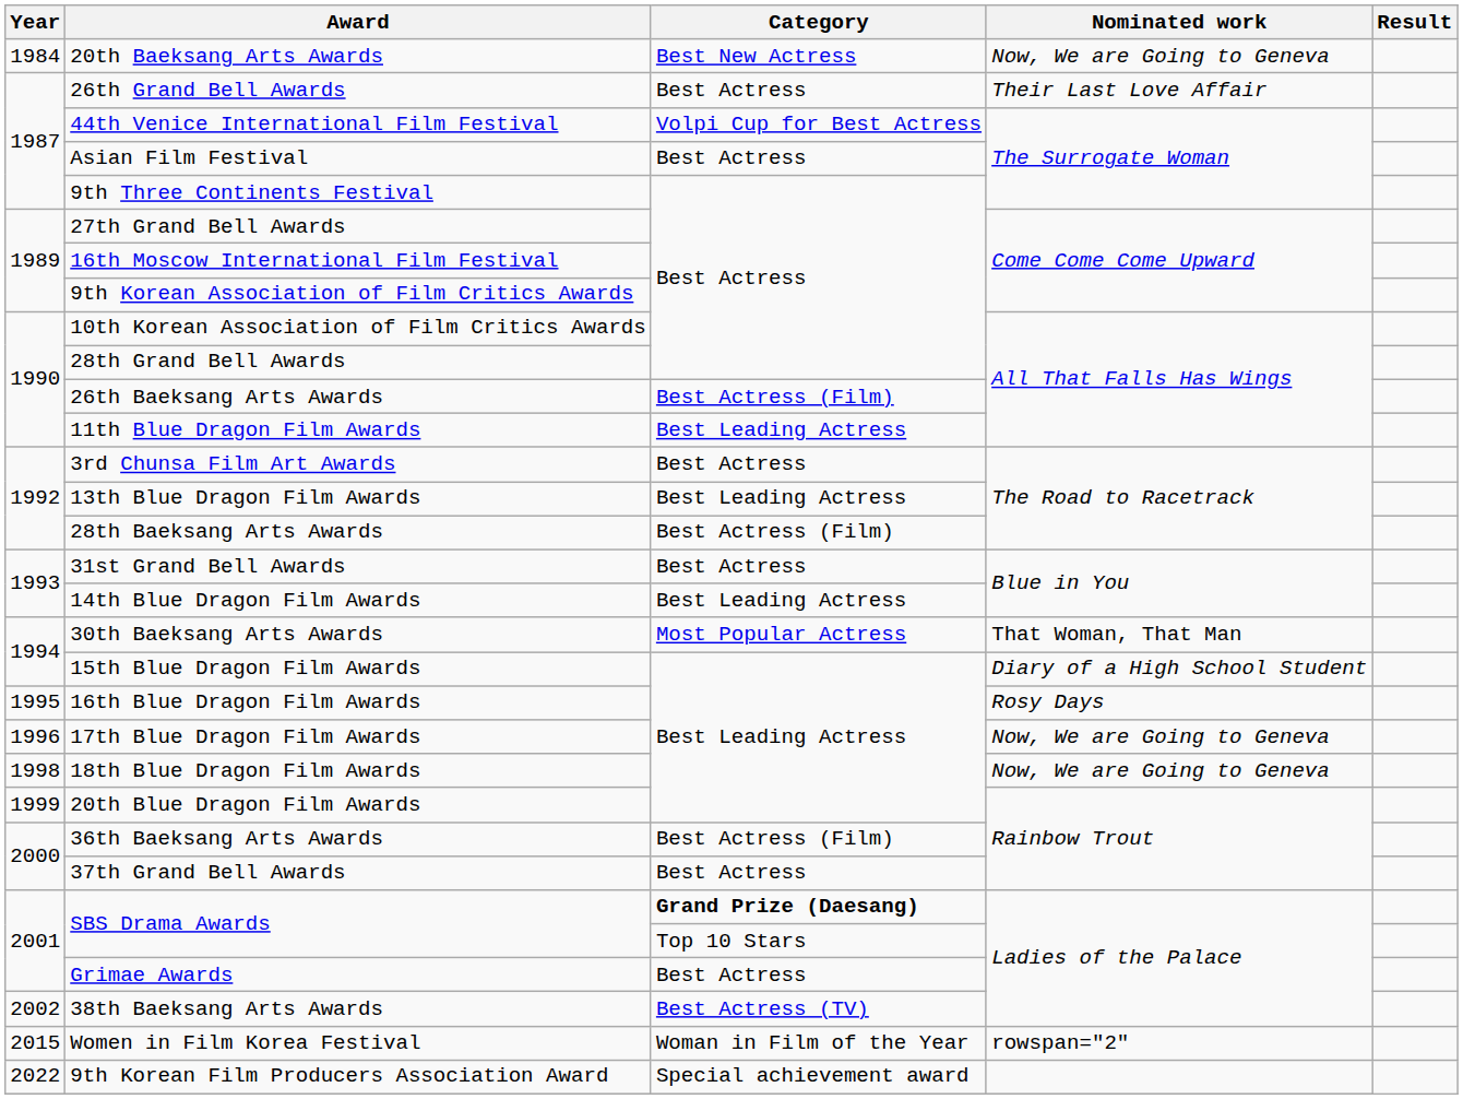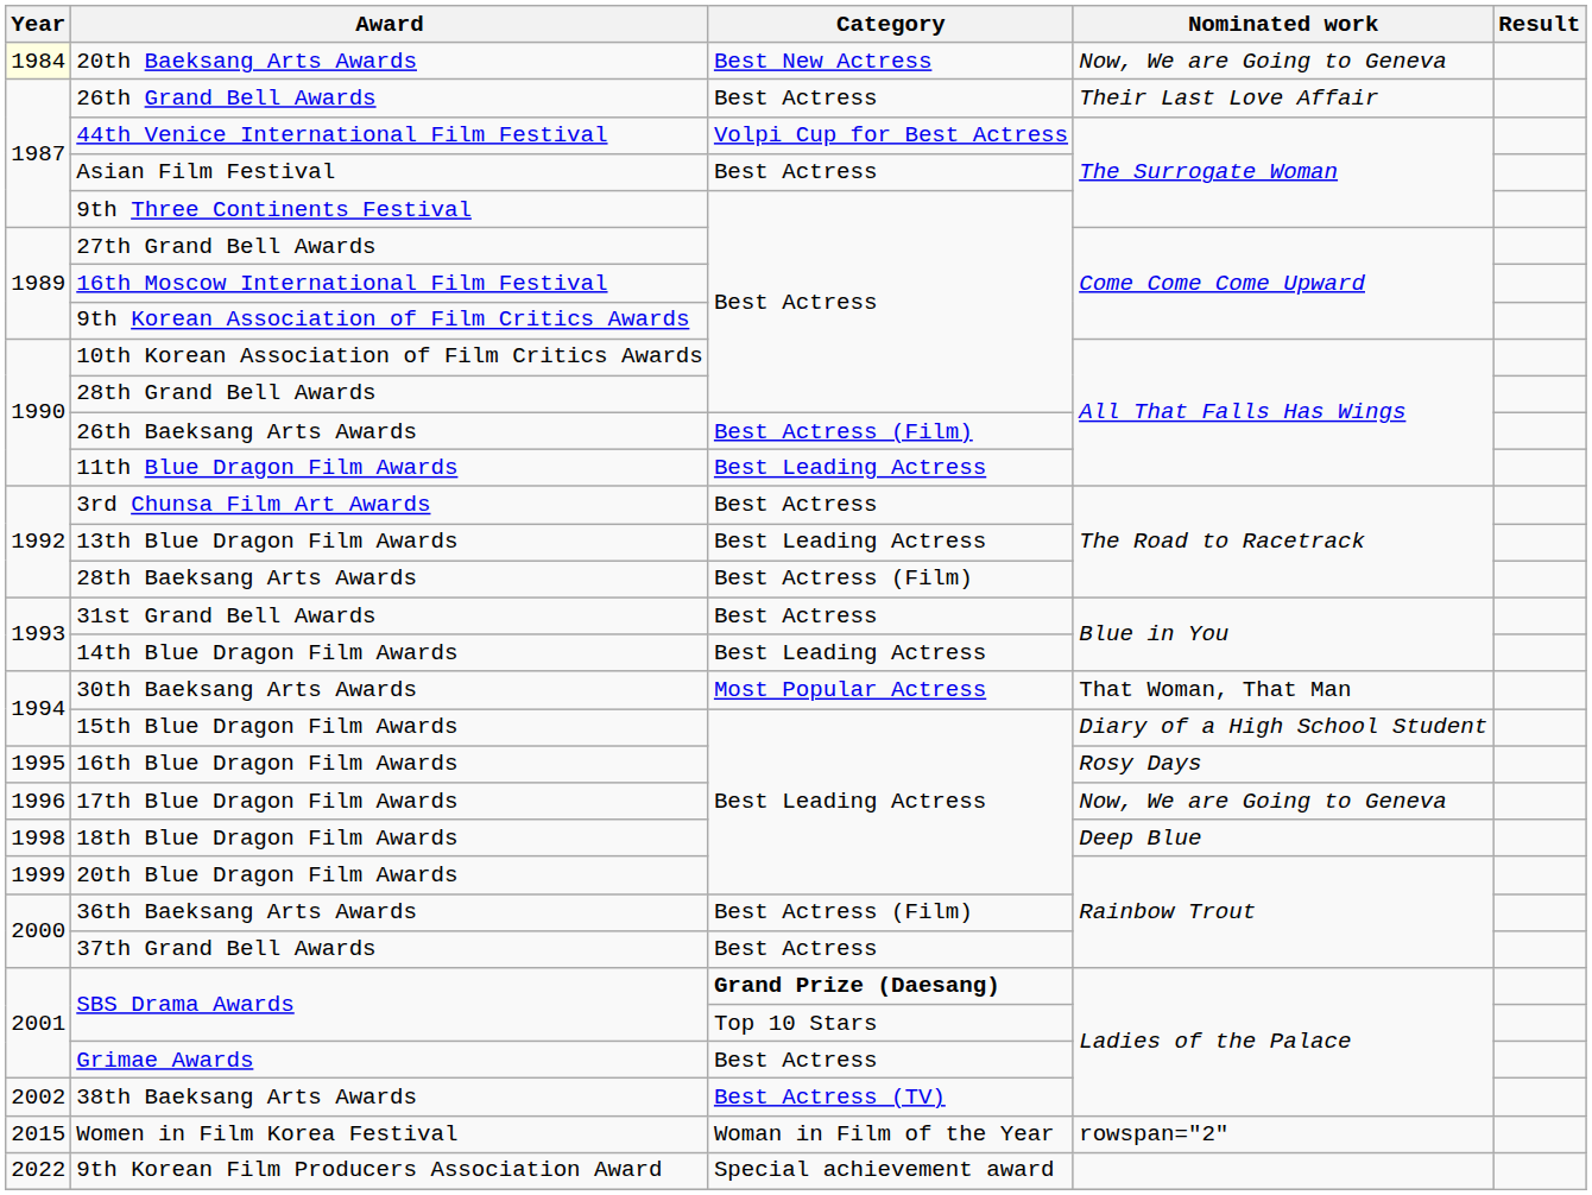 <table class="wikitable">
 <tr>
 <th>Year</th>
 <th>Award</th>
 <th>Category</th>
 <th>Nominated work</th>
 <th>Result</th>
 </tr>
 <tr>
-<td>1984</td>
+<td style="background: lightyellow;">1984</td>
 <td>20th <a href='#'>Baeksang Arts Awards</a></td>
 <td><a href='#'>Best New Actress</a></td>
 <td><em>Now, We are Going to Geneva</em></td>
 <td></td>
 </tr>
 <tr>
 <td rowspan="4">1987</td>
 <td>26th <a href='#'>Grand Bell Awards</a></td>
 <td>Best Actress</td>
 <td><em>Their Last Love Affair</em></td>
 <td></td>
 </tr>
 <tr>
 <td><a href='#'>44th Venice International Film Festival</a></td>
 <td><a href='#'>Volpi Cup for Best Actress</a></td>
 <td rowspan="3"><em><a href='#'>The Surrogate Woman</a></em></td>
 <td></td>
 </tr>
 <tr>
 <td>Asian Film Festival</td>
 <td>Best Actress</td>
 <td></td>
 </tr>
 <tr>
 <td>9th <a href='#'>Three Continents Festival</a></td>
 <td rowspan="6">Best Actress</td>
 <td></td>
 </tr>
 <tr>
 <td rowspan="3">1989</td>
 <td>27th Grand Bell Awards</td>
 <td rowspan="3"><em><a href='#'>Come Come Come Upward</a></em></td>
 <td></td>
 </tr>
 <tr>
 <td><a href='#'>16th Moscow International Film Festival</a></td>
 <td></td>
 </tr>
 <tr>
 <td>9th <a href='#'>Korean Association of Film Critics Awards</a></td>
 <td></td>
 </tr>
 <tr>
 <td rowspan="4">1990</td>
 <td>10th Korean Association of Film Critics Awards</td>
 <td rowspan="4"><em><a href='#'>All That Falls Has Wings</a></em></td>
 <td></td>
 </tr>
 <tr>
 <td>28th Grand Bell Awards</td>
 <td></td>
 </tr>
 <tr>
 <td>26th Baeksang Arts Awards</td>
 <td><a href='#'>Best Actress (Film)</a></td>
 <td></td>
 </tr>
 <tr>
 <td>11th <a href='#'>Blue Dragon Film Awards</a></td>
 <td><a href='#'>Best Leading Actress</a></td>
 <td></td>
 </tr>
 <tr>
 <td rowspan="3">1992</td>
 <td>3rd <a href='#'>Chunsa Film Art Awards</a></td>
 <td>Best Actress</td>
 <td rowspan="3"><em>The Road to Racetrack</em></td>
 <td></td>
 </tr>
 <tr>
 <td>13th Blue Dragon Film Awards</td>
 <td>Best Leading Actress</td>
 <td></td>
 </tr>
 <tr>
 <td>28th Baeksang Arts Awards</td>
 <td>Best Actress (Film)</td>
 <td></td>
 </tr>
 <tr>
 <td rowspan="2">1993</td>
 <td>31st Grand Bell Awards</td>
 <td>Best Actress</td>
 <td rowspan="2"><em>Blue in You</em></td>
 <td></td>
 </tr>
 <tr>
 <td>14th Blue Dragon Film Awards</td>
 <td>Best Leading Actress</td>
 <td></td>
 </tr>
 <tr>
 <td rowspan="2">1994</td>
 <td>30th Baeksang Arts Awards</td>
 <td><a href='#'>Most Popular Actress</a></td>
 <td>That Woman, That Man</td>
 <td></td>
 </tr>
 <tr>
 <td>15th Blue Dragon Film Awards</td>
 <td rowspan="5">Best Leading Actress</td>
 <td><em>Diary of a High School Student</em></td>
 <td></td>
 </tr>
 <tr>
 <td>1995</td>
 <td>16th Blue Dragon Film Awards</td>
 <td><em>Rosy Days</em></td>
 <td></td>
 </tr>
 <tr>
 <td>1996</td>
 <td>17th Blue Dragon Film Awards</td>
 <td><em>Now, We are Going to Geneva</em></td>
 <td></td>
 </tr>
 <tr>
 <td>1998</td>
 <td>18th Blue Dragon Film Awards</td>
-<td><em>Now, We are Going to Geneva</em></td>
+<td><em>Deep Blue</em></td>
 <td></td>
 </tr>
 <tr>
 <td>1999</td>
 <td>20th Blue Dragon Film Awards</td>
 <td rowspan="3"><em>Rainbow Trout</em></td>
 <td></td>
 </tr>
 <tr>
 <td rowspan="2">2000</td>
 <td>36th Baeksang Arts Awards</td>
 <td>Best Actress (Film)</td>
 <td></td>
 </tr>
 <tr>
 <td>37th Grand Bell Awards</td>
 <td>Best Actress</td>
 <td></td>
 </tr>
 <tr>
 <td rowspan="3">2001</td>
 <td rowspan="2"><a href='#'>SBS Drama Awards</a></td>
 <td><strong>Grand Prize (Daesang)</strong></td>
 <td rowspan="4"><em>Ladies of the Palace</em></td>
 <td></td>
 </tr>
 <tr>
 <td>Top 10 Stars</td>
 <td></td>
 </tr>
 <tr>
 <td><a href='#'>Grimae Awards</a></td>
 <td>Best Actress</td>
 <td></td>
 </tr>
 <tr>
 <td>2002</td>
 <td>38th Baeksang Arts Awards</td>
 <td><a href='#'>Best Actress (TV)</a></td>
 <td></td>
 </tr>
 <tr>
 <td>2015</td>
 <td>Women in Film Korea Festival</td>
 <td>Woman in Film of the Year</td>
 <td>rowspan="2" </td>
 <td></td>
 </tr>
 <tr>
 <td>2022</td>
 <td>9th Korean Film Producers Association Award</td>
 <td>Special achievement award</td>
 <td></td>
 </tr>
 <tr>
 </tr>
 </table>
